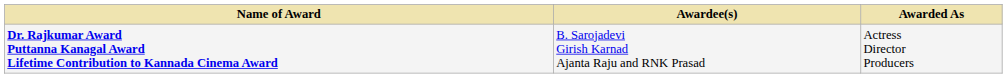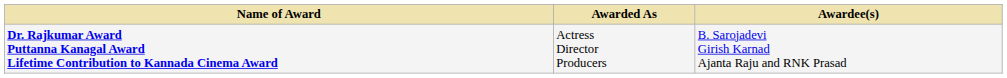 <table class="wikitable" style="width:100%;">
 <tr>
 <th style="background-color:#EFE4B0;">Name of Award</th>
+<th style="background-color:#EFE4B0;">Awarded As</th>
 <th style="background-color:#EFE4B0;">Awardee(s)</th>
-<th style="background-color:#EFE4B0;">Awarded As</th>
 </tr>
 <tr style="background-color:#F4F4F4">
 <td><strong><a href='#'>Dr. Rajkumar Award</a></strong><br><strong><a href='#'>Puttanna Kanagal Award</a></strong><br><strong><a href='#'>Lifetime Contribution to Kannada Cinema Award</a></strong></td>
+<td>Actress<br>Director<br>Producers</td>
 <td><a href='#'>B. Sarojadevi</a><br><a href='#'>Girish Karnad</a><br>Ajanta Raju and RNK Prasad</td>
-<td>Actress<br>Director<br>Producers</td>
 </tr>
 </table>
